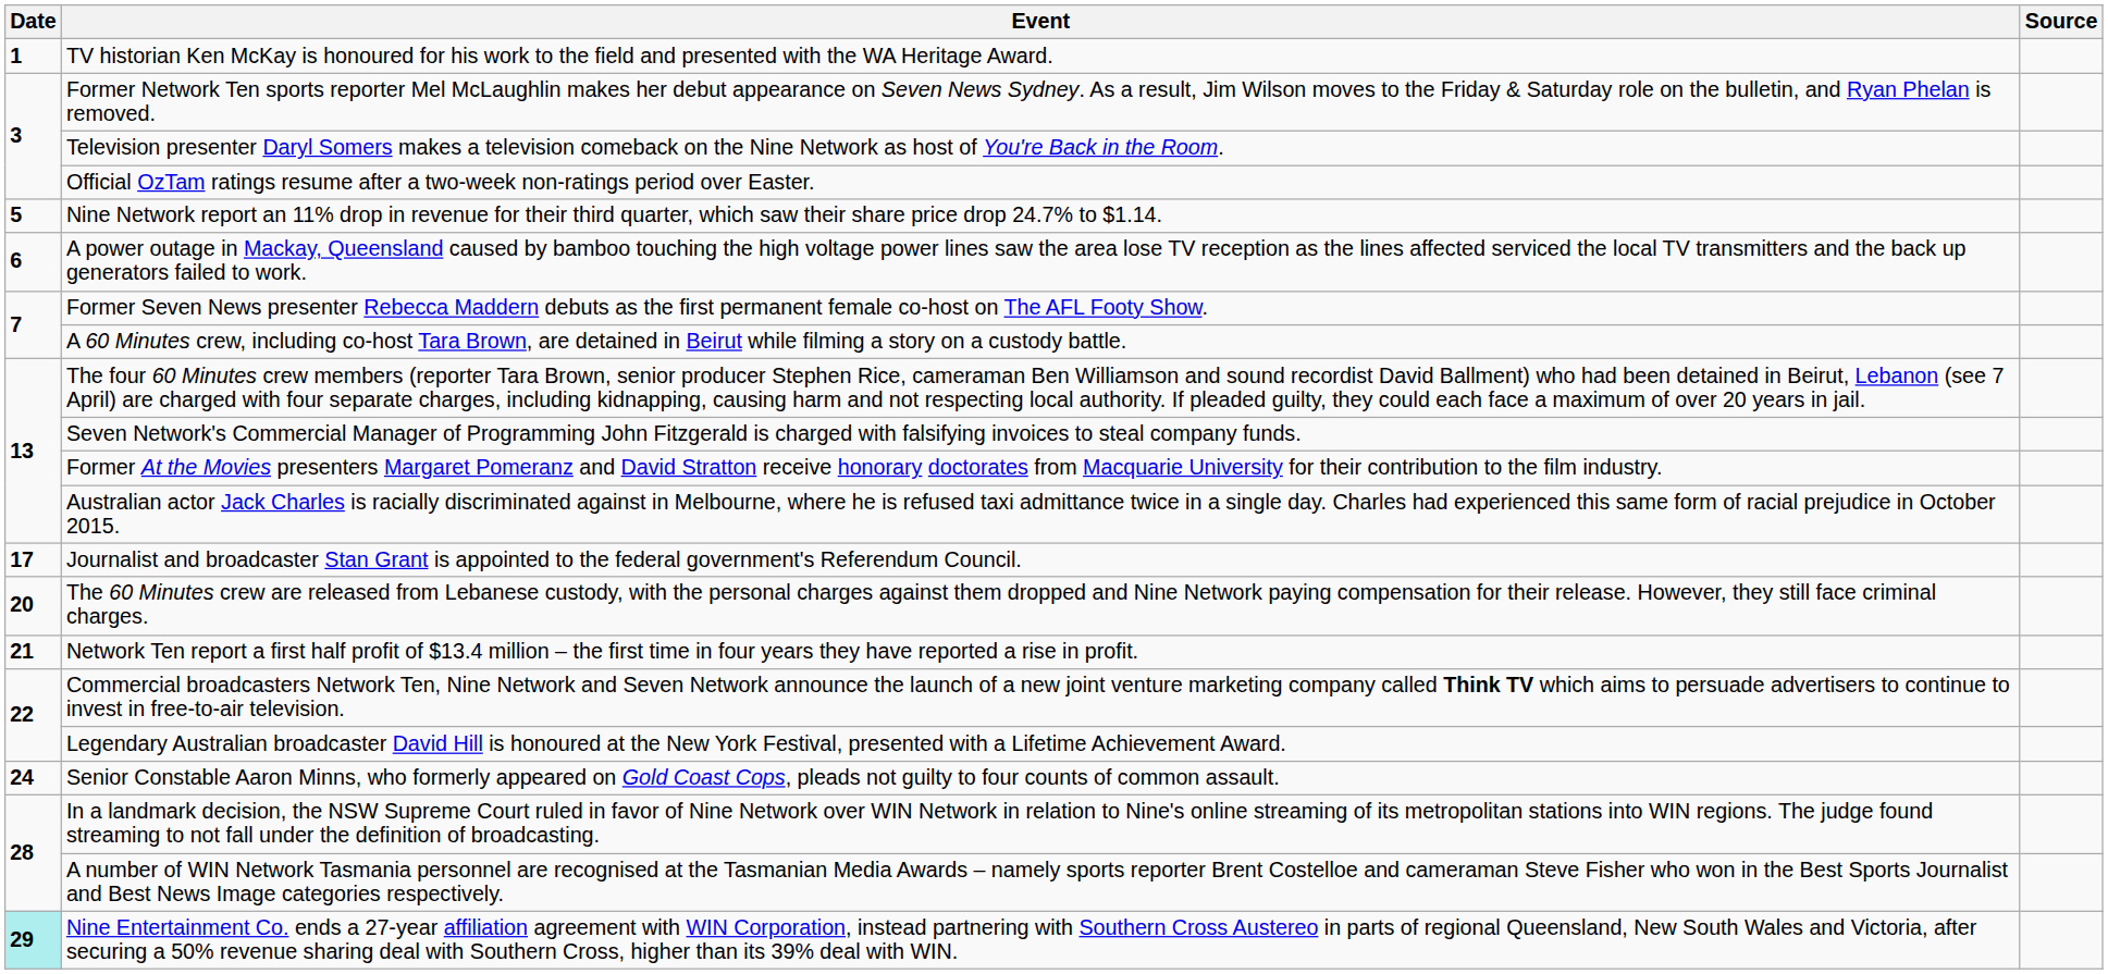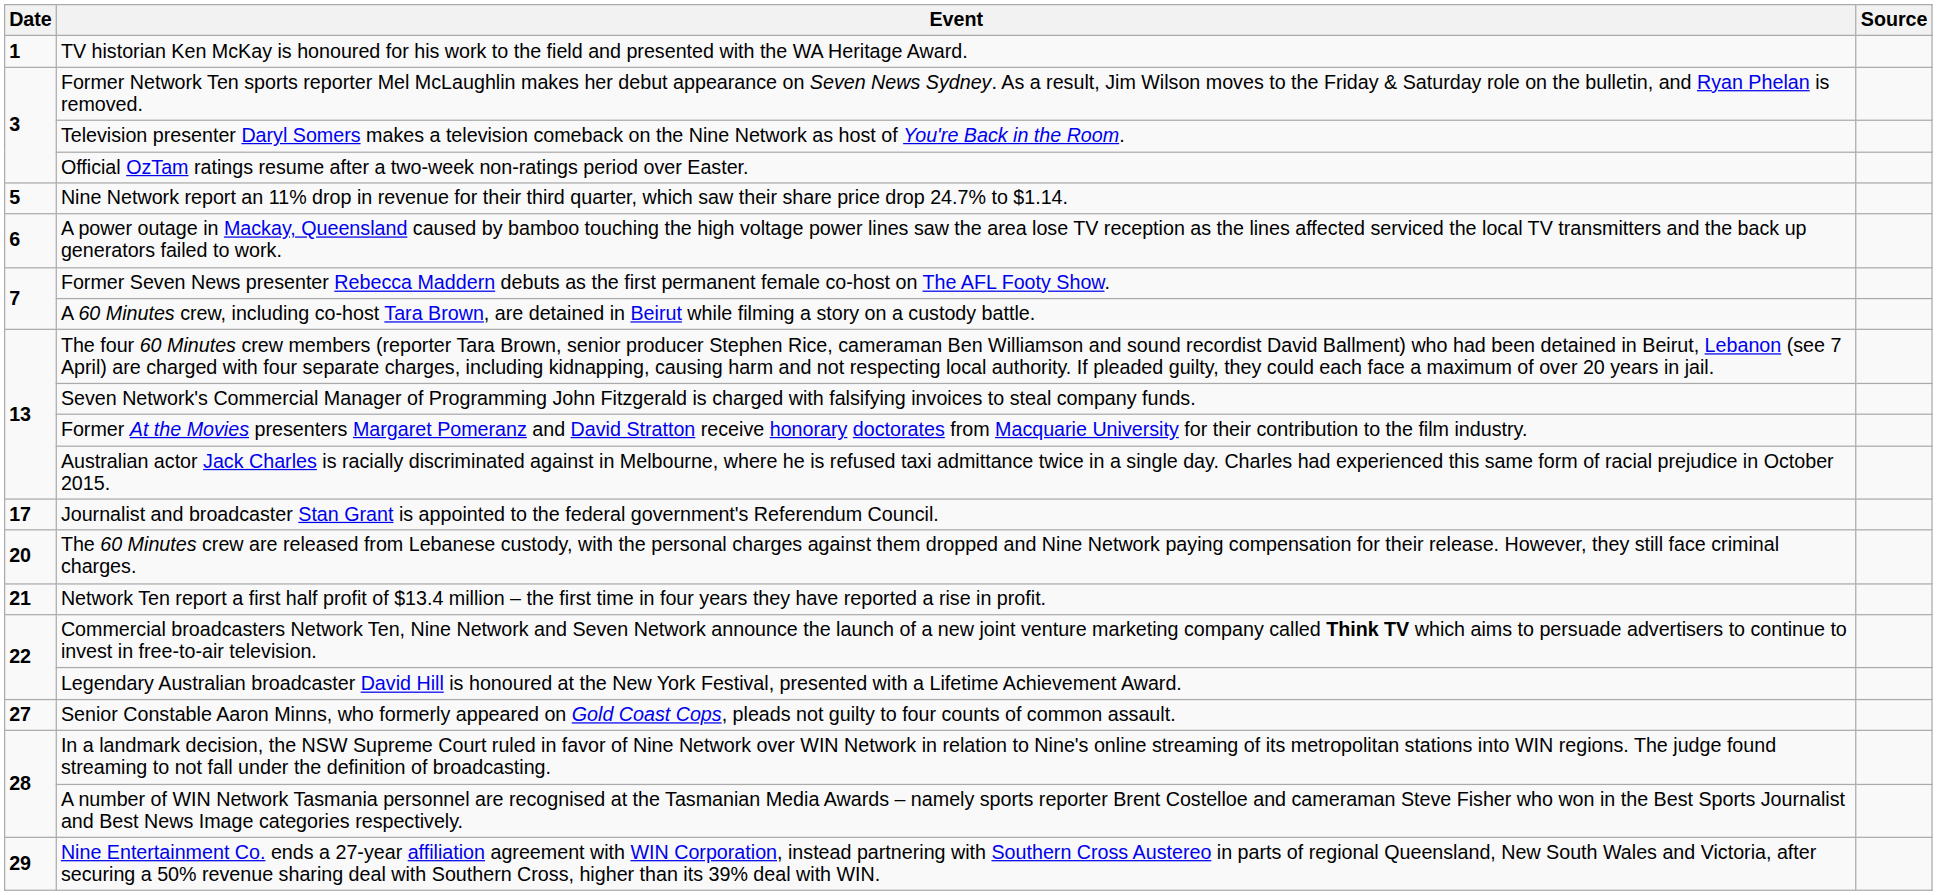 <table class="wikitable">
 <tr>
 <th>Date</th>
 <th>Event</th>
 <th>Source</th>
 </tr>
 <tr>
 <td><strong>1</strong></td>
 <td>TV historian Ken McKay is honoured for his work to the field and presented with the WA Heritage Award.</td>
 <td></td>
 </tr>
 <tr>
 <td rowspan="3"><strong>3</strong></td>
 <td>Former Network Ten sports reporter Mel McLaughlin makes her debut appearance on <em>Seven News Sydney</em>. As a result, Jim Wilson moves to the Friday & Saturday role on the bulletin, and <a href='#'>Ryan Phelan</a> is removed.</td>
 <td></td>
 </tr>
 <tr>
 <td>Television presenter <a href='#'>Daryl Somers</a> makes a television comeback on the Nine Network as host of <em><a href='#'>You're Back in the Room</a></em>.</td>
 <td></td>
 </tr>
 <tr>
 <td>Official <a href='#'>OzTam</a> ratings resume after a two-week non-ratings period over Easter.</td>
 <td></td>
 </tr>
 <tr>
 <td><strong>5</strong></td>
 <td>Nine Network report an 11% drop in revenue for their third quarter, which saw their share price drop 24.7% to $1.14.</td>
 <td></td>
 </tr>
 <tr>
 <td><strong>6</strong></td>
 <td>A power outage in <a href='#'>Mackay, Queensland</a> caused by bamboo touching the high voltage power lines saw the area lose TV reception as the lines affected serviced the local TV transmitters and the back up generators failed to work.</td>
 <td></td>
 </tr>
 <tr>
 <td rowspan="2"><strong>7</strong></td>
 <td>Former Seven News presenter <a href='#'>Rebecca Maddern</a> debuts as the first permanent female co-host on <a href='#'>The AFL Footy Show</a>.</td>
 <td></td>
 </tr>
 <tr>
 <td>A <em>60 Minutes</em> crew, including co-host <a href='#'>Tara Brown</a>, are detained in <a href='#'>Beirut</a> while filming a story on a custody battle.</td>
 <td></td>
 </tr>
 <tr>
 <td rowspan="4"><strong>13</strong></td>
 <td>The four <em>60 Minutes</em> crew members (reporter Tara Brown, senior producer Stephen Rice, cameraman Ben Williamson and sound recordist David Ballment) who had been detained in Beirut, <a href='#'>Lebanon</a> (see 7 April) are charged with four separate charges, including kidnapping, causing harm and not respecting local authority. If pleaded guilty, they could each face a maximum of over 20 years in jail.</td>
 <td></td>
 </tr>
 <tr>
 <td>Seven Network's Commercial Manager of Programming John Fitzgerald is charged with falsifying invoices to steal company funds.</td>
 <td></td>
 </tr>
 <tr>
 <td>Former <em><a href='#'>At the Movies</a></em> presenters <a href='#'>Margaret Pomeranz</a> and <a href='#'>David Stratton</a> receive <a href='#'>honorary</a> <a href='#'>doctorates</a> from <a href='#'>Macquarie University</a> for their contribution to the film industry.</td>
 <td></td>
 </tr>
 <tr>
 <td>Australian actor <a href='#'>Jack Charles</a> is racially discriminated against in Melbourne, where he is refused taxi admittance twice in a single day. Charles had experienced this same form of racial prejudice in October 2015.</td>
 <td></td>
 </tr>
 <tr>
 <td><strong>17</strong></td>
 <td>Journalist and broadcaster <a href='#'>Stan Grant</a> is appointed to the federal government's Referendum Council.</td>
 <td></td>
 </tr>
 <tr>
 <td><strong>20</strong></td>
 <td>The <em>60 Minutes</em> crew are released from Lebanese custody, with the personal charges against them dropped and Nine Network paying compensation for their release. However, they still face criminal charges.</td>
 <td></td>
 </tr>
 <tr>
 <td><strong>21</strong></td>
 <td>Network Ten report a first half profit of $13.4 million – the first time in four years they have reported a rise in profit.</td>
 <td></td>
 </tr>
 <tr>
 <td rowspan="2"><strong>22</strong></td>
 <td>Commercial broadcasters Network Ten, Nine Network and Seven Network announce the launch of a new joint venture marketing company called <strong>Think TV</strong> which aims to persuade advertisers to continue to invest in free-to-air television.</td>
 <td></td>
 </tr>
 <tr>
 <td>Legendary Australian broadcaster <a href='#'>David Hill</a> is honoured at the New York Festival, presented with a Lifetime Achievement Award.</td>
 <td></td>
 </tr>
 <tr>
-<td><strong>24</strong></td>
+<td><strong>27</strong></td>
 <td>Senior Constable Aaron Minns, who formerly appeared on <em><a href='#'>Gold Coast Cops</a></em>, pleads not guilty to four counts of common assault.</td>
 <td></td>
 </tr>
 <tr>
 <td rowspan="2"><strong>28</strong></td>
 <td>In a landmark decision, the NSW Supreme Court ruled in favor of Nine Network over WIN Network in relation to Nine's online streaming of its metropolitan stations into WIN regions. The judge found streaming to not fall under the definition of broadcasting.</td>
 <td></td>
 </tr>
 <tr>
 <td>A number of WIN Network Tasmania personnel are recognised at the Tasmanian Media Awards – namely sports reporter Brent Costelloe and cameraman Steve Fisher who won in the Best Sports Journalist and Best News Image categories respectively.</td>
 <td></td>
 </tr>
 <tr>
-<td style="background: paleturquoise;"><strong>29</strong></td>
+<td><strong>29</strong></td>
 <td><a href='#'>Nine Entertainment Co.</a> ends a 27-year <a href='#'>affiliation</a> agreement with <a href='#'>WIN Corporation</a>, instead partnering with <a href='#'>Southern Cross Austereo</a> in parts of regional Queensland, New South Wales and Victoria, after securing a 50% revenue sharing deal with Southern Cross, higher than its 39% deal with WIN.</td>
 <td></td>
 </tr>
 </table>
